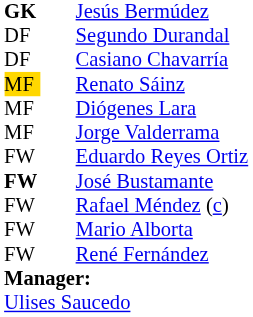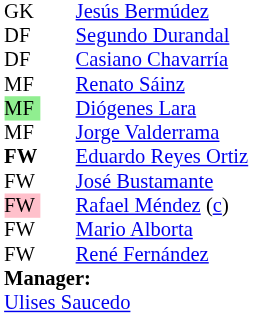 <table style="font-size: 90%" cellspacing="0" cellpadding="0" align=center>
 <tr>
 <th width="25"></th>
 <th width="25"></th>
 </tr>
 <tr>
-<td><strong>GK</strong></td>
+<td>GK</td>
 <td></td>
 <td><a href='#'>Jesús Bermúdez</a></td>
 </tr>
 <tr>
 <td>DF</td>
 <td></td>
 <td><a href='#'>Segundo Durandal</a></td>
 </tr>
 <tr>
 <td>DF</td>
 <td></td>
 <td><a href='#'>Casiano Chavarría</a></td>
 </tr>
 <tr>
-<td style="background: gold;">MF</td>
+<td>MF</td>
 <td></td>
 <td><a href='#'>Renato Sáinz</a></td>
 </tr>
 <tr>
-<td>MF</td>
+<td style="background: lightgreen;">MF</td>
 <td></td>
 <td><a href='#'>Diógenes Lara</a></td>
 </tr>
 <tr>
 <td>MF</td>
 <td></td>
 <td><a href='#'>Jorge Valderrama</a></td>
 </tr>
 <tr>
-<td>FW</td>
+<td><strong>FW</strong></td>
 <td></td>
 <td><a href='#'>Eduardo Reyes Ortiz</a></td>
 </tr>
 <tr>
-<td><strong>FW</strong></td>
+<td>FW</td>
 <td></td>
 <td><a href='#'>José Bustamante</a></td>
 </tr>
 <tr>
-<td>FW</td>
+<td style="background: pink;">FW</td>
 <td></td>
 <td><a href='#'>Rafael Méndez</a> (<a href='#'>c</a>)</td>
 </tr>
 <tr>
 <td>FW</td>
 <td></td>
 <td><a href='#'>Mario Alborta</a></td>
 </tr>
 <tr>
 <td>FW</td>
 <td></td>
 <td><a href='#'>René Fernández</a></td>
 </tr>
 <tr>
 <td colspan=3><strong>Manager:</strong></td>
 </tr>
 <tr>
 <td colspan=4><a href='#'>Ulises Saucedo</a></td>
 </tr>
 </table>
